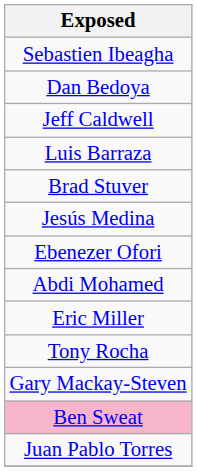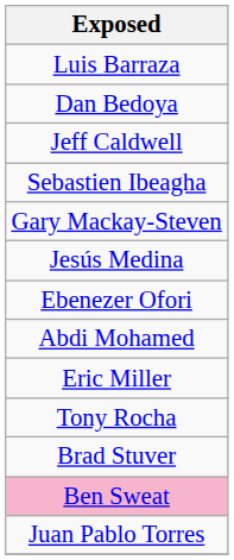 <table class="wikitable" style="text-align:center">
 <tr>
 <th>Exposed</th>
 </tr>
 <tr>
-<td><a href='#'>Sebastien Ibeagha</a></td>
+<td><a href='#'>Luis Barraza</a></td>
 </tr>
 <tr>
 <td><a href='#'>Dan Bedoya</a></td>
 </tr>
 <tr>
 <td><a href='#'>Jeff Caldwell</a></td>
 </tr>
 <tr>
-<td><a href='#'>Luis Barraza</a></td>
+<td><a href='#'>Sebastien Ibeagha</a></td>
 </tr>
 <tr>
-<td><a href='#'>Brad Stuver</a></td>
+<td><a href='#'>Gary Mackay-Steven</a></td>
 </tr>
 <tr>
 <td><a href='#'>Jesús Medina</a></td>
 </tr>
 <tr>
 <td><a href='#'>Ebenezer Ofori</a></td>
 </tr>
 <tr>
 <td><a href='#'>Abdi Mohamed</a></td>
 </tr>
 <tr>
 <td><a href='#'>Eric Miller</a></td>
 </tr>
 <tr>
 <td><a href='#'>Tony Rocha</a></td>
 </tr>
 <tr>
-<td><a href='#'>Gary Mackay-Steven</a></td>
+<td><a href='#'>Brad Stuver</a></td>
 </tr>
 <tr>
 <td style="background: #f7b5cd"><a href='#'>Ben Sweat</a></td>
 </tr>
 <tr>
 <td><a href='#'>Juan Pablo Torres</a></td>
 </tr>
 <tr>
 </tr>
 </table>
